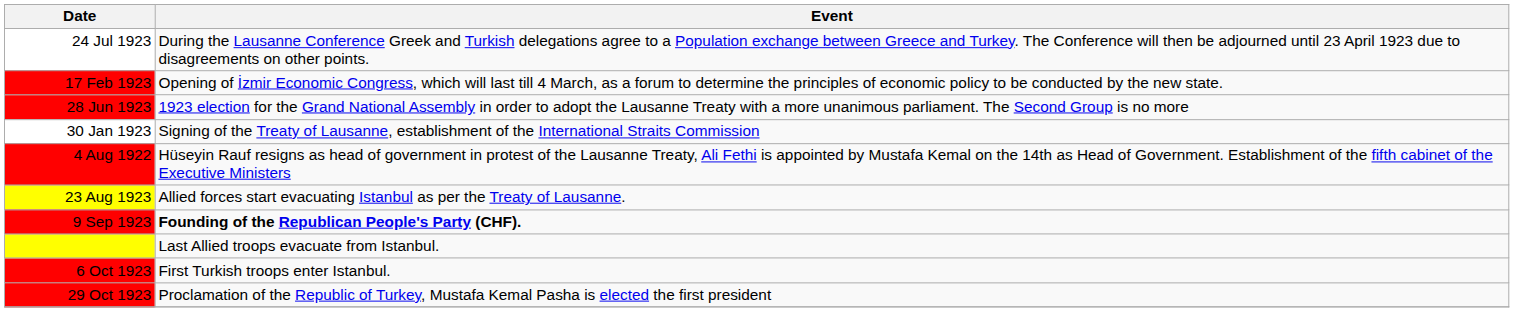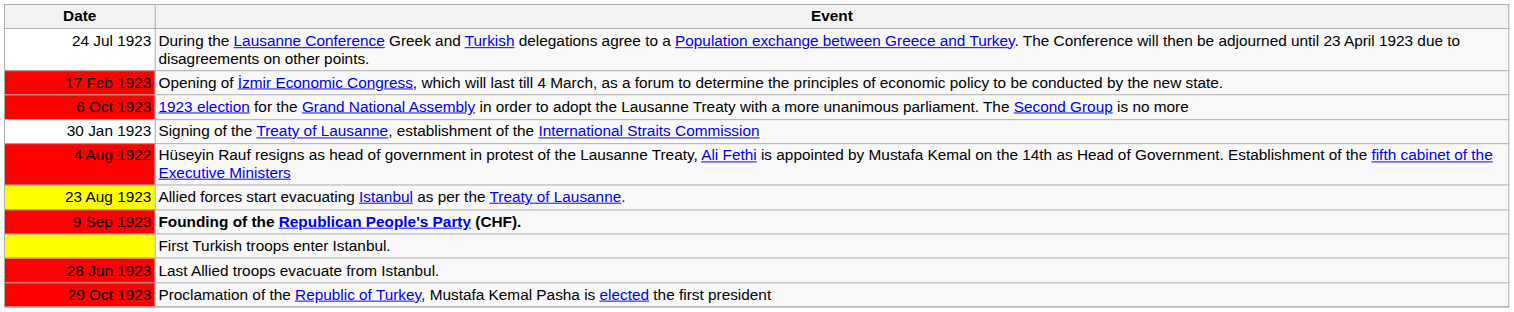 <table class="wikitable">
 <tr>
 <th width="10%">Date</th>
 <th>Event</th>
 </tr>
 <tr>
 <td valign="top" align="right" style="background:White">24 Jul 1923</td>
 <td>During the <a href='#'>Lausanne Conference</a> Greek and <a href='#'>Turkish</a> delegations agree to a <a href='#'>Population exchange between Greece and Turkey</a>. The Conference will then be adjourned until 23 April 1923 due to disagreements on other points.</td>
 </tr>
 <tr>
 <td valign="top" align="right" style="background:Red">17 Feb 1923</td>
 <td>Opening of <a href='#'>İzmir Economic Congress</a>, which will last till 4 March, as a forum to determine the principles of economic policy to be conducted by the new state.</td>
 </tr>
 <tr>
-<td valign="top" align="right" style="background:Red">28 Jun 1923</td>
+<td valign="top" align="right" style="background:Red">6 Oct 1923</td>
 <td><a href='#'>1923 election</a> for the <a href='#'>Grand National Assembly</a> in order to adopt the Lausanne Treaty with a more unanimous parliament. The <a href='#'>Second Group</a> is no more</td>
 </tr>
 <tr>
 <td valign="top" align="right" style="background:White">30 Jan 1923</td>
 <td>Signing of the <a href='#'>Treaty of Lausanne</a>, establishment of the <a href='#'>International Straits Commission</a></td>
 </tr>
 <tr>
 <td valign="top" align="right" style="background:red">4 Aug 1922</td>
 <td>Hüseyin Rauf resigns as head of government in protest of the Lausanne Treaty, <a href='#'>Ali Fethi</a> is appointed by Mustafa Kemal on the 14th as Head of Government. Establishment of the <a href='#'>fifth cabinet of the Executive Ministers</a></td>
 </tr>
 <tr>
 <td valign="top" align="right" style="background:Yellow">23 Aug 1923</td>
 <td>Allied forces start evacuating <a href='#'>Istanbul</a> as per the <a href='#'>Treaty of Lausanne</a>.</td>
 </tr>
 <tr>
 <td valign="top" align="right" style="background:Red">9 Sep 1923</td>
 <td><strong>Founding of the <a href='#'>Republican People's Party</a> (CHF).</strong></td>
 </tr>
 <tr>
 <td valign="top" align="right" style="background:Yellow"></td>
-<td>Last Allied troops evacuate from Istanbul.</td>
+<td>First Turkish troops enter Istanbul.</td>
 </tr>
 <tr>
-<td valign="top" align="right" style="background:Red">6 Oct 1923</td>
-<td>First Turkish troops enter Istanbul.</td>
+<td valign="top" align="right" style="background:Red">28 Jun 1923</td>
+<td>Last Allied troops evacuate from Istanbul.</td>
 </tr>
 <tr>
 <td valign="top" align="right" style="background:Red">29 Oct 1923</td>
 <td>Proclamation of the <a href='#'>Republic of Turkey</a>, Mustafa Kemal Pasha is <a href='#'>elected</a> the first president</td>
 </tr>
 <tr>
 </tr>
 </table>
